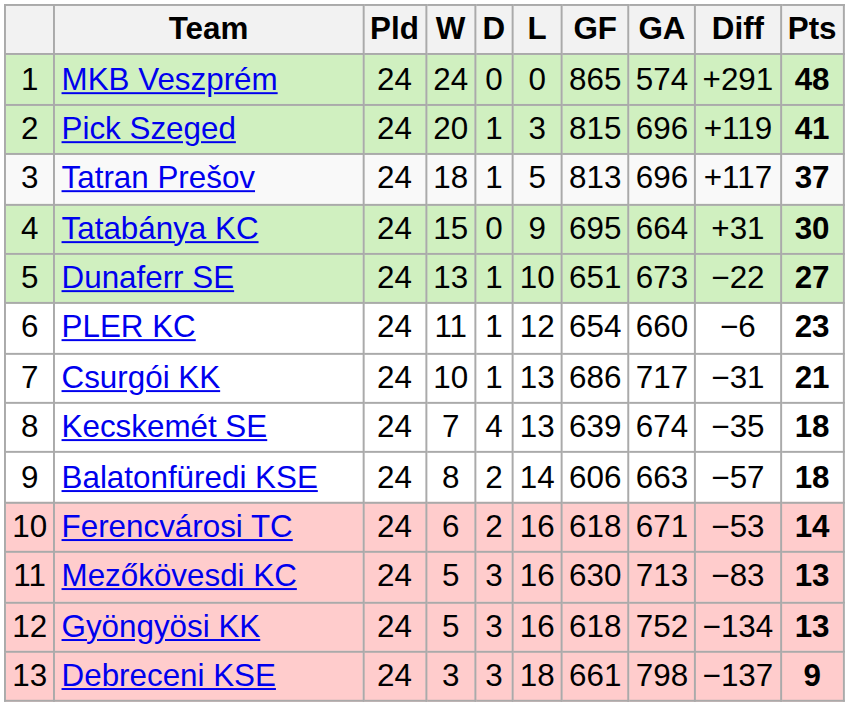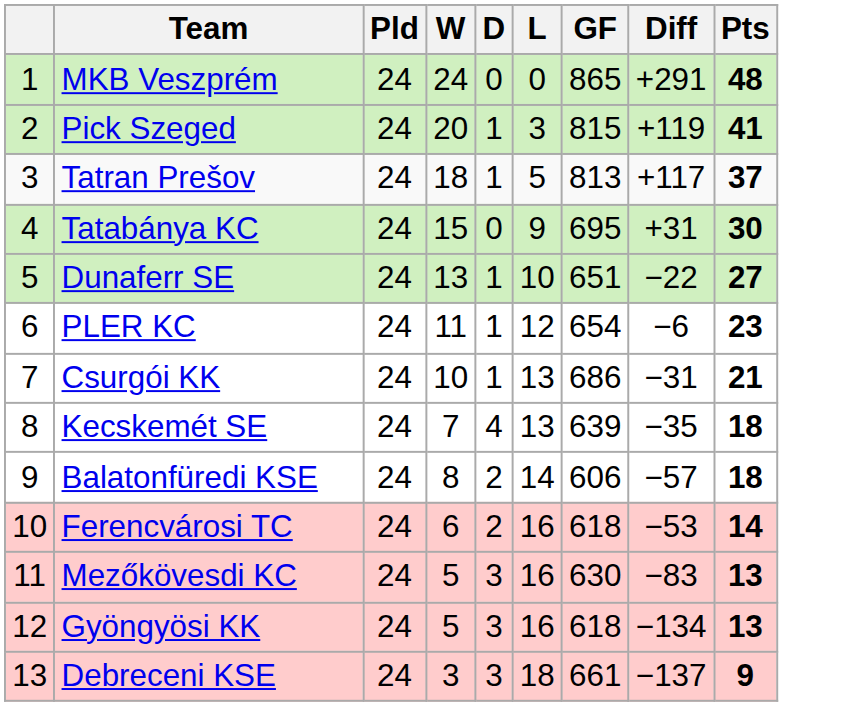 <table class="wikitable sortable" style="text-align:center">
 <tr>
 <th></th>
 <th width="150">Team</th>
 <th>Pld</th>
 <th>W</th>
 <th>D</th>
 <th>L</th>
 <th>GF</th>
-<th>GA</th>
 <th>Diff</th>
 <th>Pts</th>
 </tr>
 <tr style="background: #D0F0C0;">
 <td>1</td>
 <td align=left><a href='#'>MKB Veszprém</a></td>
 <td>24</td>
 <td>24</td>
 <td>0</td>
 <td>0</td>
 <td>865</td>
-<td>574</td>
 <td>+291</td>
 <td><strong>48</strong></td>
 </tr>
 <tr style="background: #D0F0C0;">
 <td>2</td>
 <td align=left><a href='#'>Pick Szeged</a></td>
 <td>24</td>
 <td>20</td>
 <td>1</td>
 <td>3</td>
 <td>815</td>
-<td>696</td>
 <td>+119</td>
 <td><strong>41</strong></td>
 </tr>
 <tr style="background:">
 <td>3</td>
 <td align=left> <a href='#'>Tatran Prešov</a></td>
 <td>24</td>
 <td>18</td>
 <td>1</td>
 <td>5</td>
 <td>813</td>
-<td>696</td>
 <td>+117</td>
 <td><strong>37</strong></td>
 </tr>
 <tr style="background: #D0F0C0;">
 <td>4</td>
 <td align=left><a href='#'>Tatabánya KC</a></td>
 <td>24</td>
 <td>15</td>
 <td>0</td>
 <td>9</td>
 <td>695</td>
-<td>664</td>
 <td>+31</td>
 <td><strong>30</strong></td>
 </tr>
 <tr style="background: #D0F0C0;">
 <td>5</td>
 <td align=left><a href='#'>Dunaferr SE</a></td>
 <td>24</td>
 <td>13</td>
 <td>1</td>
 <td>10</td>
 <td>651</td>
-<td>673</td>
 <td>−22</td>
 <td><strong>27</strong></td>
 </tr>
 <tr style="background: #FFFFFF;">
 <td>6</td>
 <td align=left><a href='#'>PLER KC</a></td>
 <td>24</td>
 <td>11</td>
 <td>1</td>
 <td>12</td>
 <td>654</td>
-<td>660</td>
 <td>−6</td>
 <td><strong>23</strong></td>
 </tr>
 <tr style="background: #FFFFFF;">
 <td>7</td>
 <td align=left><a href='#'>Csurgói KK</a></td>
 <td>24</td>
 <td>10</td>
 <td>1</td>
 <td>13</td>
 <td>686</td>
-<td>717</td>
 <td>−31</td>
 <td><strong>21</strong></td>
 </tr>
 <tr style="background: #FFFFFF;">
 <td>8</td>
 <td align=left><a href='#'>Kecskemét SE</a></td>
 <td>24</td>
 <td>7</td>
 <td>4</td>
 <td>13</td>
 <td>639</td>
-<td>674</td>
 <td>−35</td>
 <td><strong>18</strong></td>
 </tr>
 <tr style="background: #FFFFFF;">
 <td>9</td>
 <td align=left><a href='#'>Balatonfüredi KSE</a></td>
 <td>24</td>
 <td>8</td>
 <td>2</td>
 <td>14</td>
 <td>606</td>
-<td>663</td>
 <td>−57</td>
 <td><strong>18</strong></td>
 </tr>
 <tr style="background: #FFCCCC;">
 <td>10</td>
 <td align=left><a href='#'>Ferencvárosi TC</a></td>
 <td>24</td>
 <td>6</td>
 <td>2</td>
 <td>16</td>
 <td>618</td>
-<td>671</td>
 <td>−53</td>
 <td><strong>14</strong></td>
 </tr>
 <tr style="background: #FFCCCC;">
 <td>11</td>
 <td align=left><a href='#'>Mezőkövesdi KC</a></td>
 <td>24</td>
 <td>5</td>
 <td>3</td>
 <td>16</td>
 <td>630</td>
-<td>713</td>
 <td>−83</td>
 <td><strong>13</strong></td>
 </tr>
 <tr style="background: #FFCCCC;">
 <td>12</td>
 <td align=left><a href='#'>Gyöngyösi KK</a></td>
 <td>24</td>
 <td>5</td>
 <td>3</td>
 <td>16</td>
 <td>618</td>
-<td>752</td>
 <td>−134</td>
 <td><strong>13</strong></td>
 </tr>
 <tr style="background: #FFCCCC;">
 <td>13</td>
 <td align=left><a href='#'>Debreceni KSE</a></td>
 <td>24</td>
 <td>3</td>
 <td>3</td>
 <td>18</td>
 <td>661</td>
-<td>798</td>
 <td>−137</td>
 <td><strong>9</strong></td>
 </tr>
 </table>
